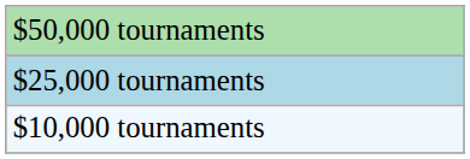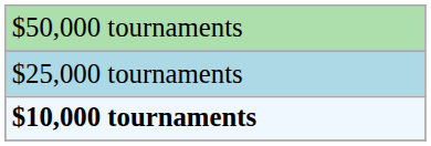 <table class="wikitable"  style="font-size:90%; width:14%;">
 <tr style="background:#addfad;">
 <td>$50,000 tournaments</td>
 </tr>
 <tr style="background:lightblue;">
 <td>$25,000 tournaments</td>
 </tr>
 <tr style="background:#f0f8ff;">
-<td>$10,000 tournaments</td>
+<td><strong>$10,000 tournaments</strong></td>
 </tr>
 </table>
